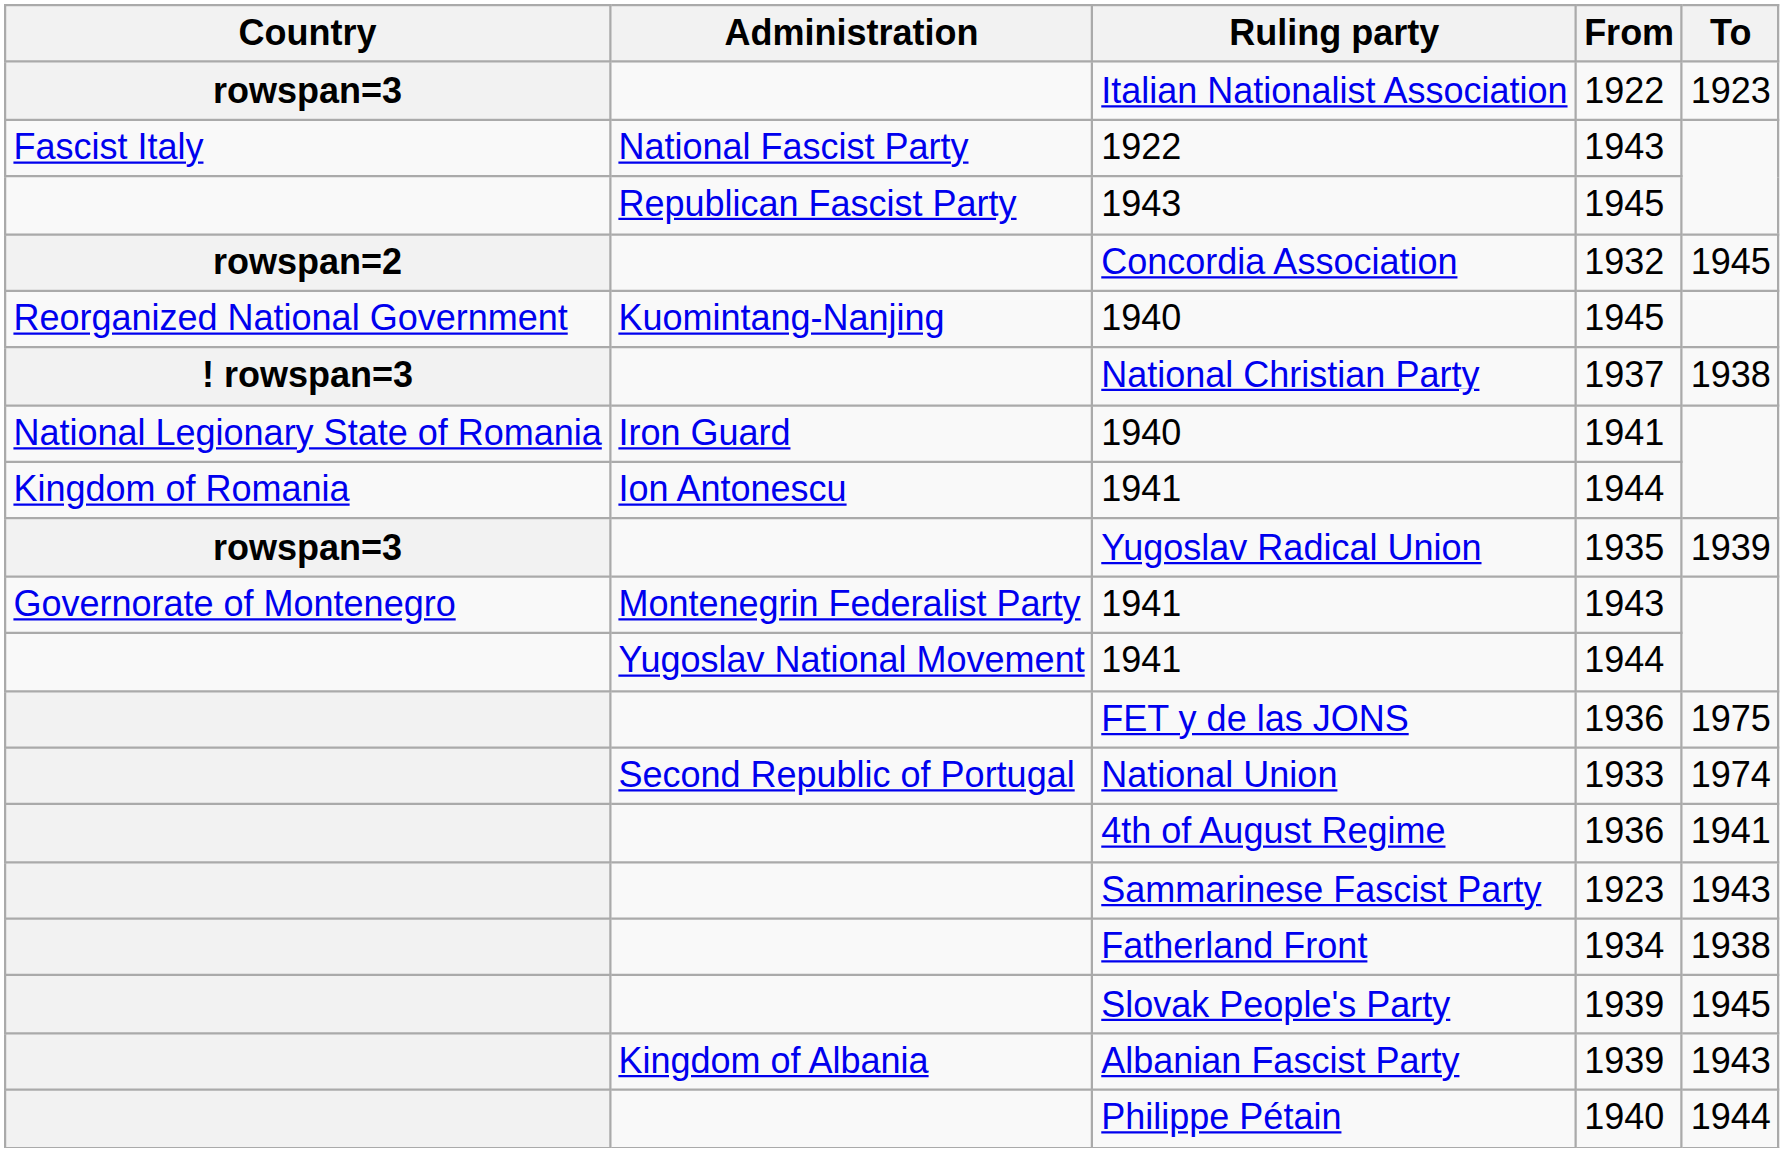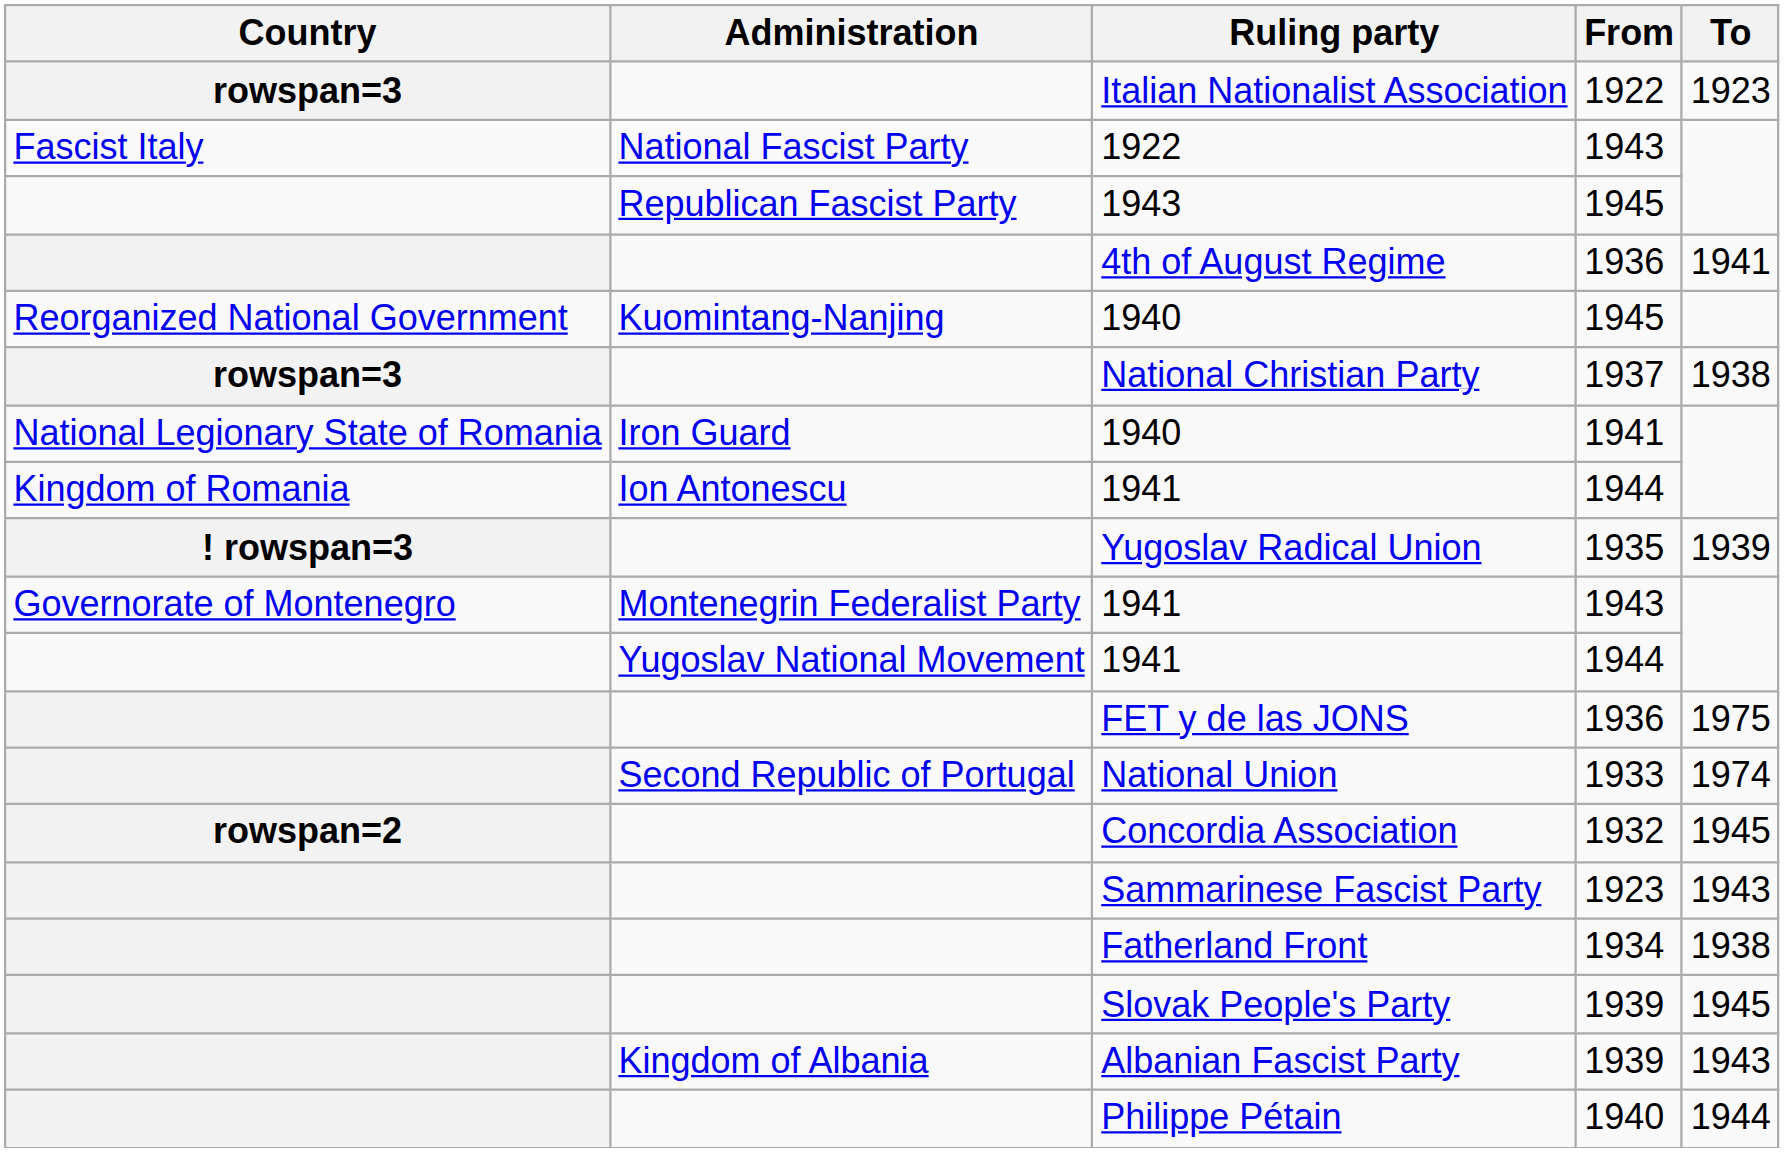 <table class="sortable plainrowheaders wikitable">
 <tr>
 <th>Country</th>
 <th>Administration</th>
 <th>Ruling party</th>
 <th>From</th>
 <th>To</th>
 </tr>
 <tr>
 <th>rowspan=3 </th>
 <td></td>
 <td> <a href='#'>Italian Nationalist Association</a></td>
 <td>1922</td>
 <td>1923</td>
 </tr>
 <tr>
 <td> <a href='#'>Fascist Italy</a></td>
 <td> <a href='#'>National Fascist Party</a></td>
 <td>1922</td>
 <td>1943</td>
 </tr>
 <tr>
 <td></td>
 <td> <a href='#'>Republican Fascist Party</a></td>
 <td>1943</td>
 <td>1945</td>
 </tr>
 <tr>
-<th>rowspan=2 </th>
+<th></th>
 <td></td>
-<td> <a href='#'>Concordia Association</a></td>
-<td>1932</td>
-<td>1945</td>
+<td> <a href='#'>4th of August Regime</a></td>
+<td>1936</td>
+<td>1941</td>
 </tr>
 <tr>
 <td> <a href='#'>Reorganized National Government</a></td>
 <td> <a href='#'>Kuomintang-Nanjing</a></td>
 <td>1940</td>
 <td>1945</td>
 </tr>
 <tr>
-<th>! rowspan=3 </th>
+<th>rowspan=3 </th>
 <td></td>
 <td> <a href='#'>National Christian Party</a></td>
 <td>1937</td>
 <td>1938</td>
 </tr>
 <tr>
 <td> <a href='#'>National Legionary State of Romania</a></td>
 <td> <a href='#'>Iron Guard</a></td>
 <td>1940</td>
 <td>1941</td>
 </tr>
 <tr>
 <td> <a href='#'>Kingdom of Romania</a></td>
 <td><a href='#'>Ion Antonescu</a></td>
 <td>1941</td>
 <td>1944</td>
 </tr>
 <tr>
-<th>rowspan=3 </th>
+<th>! rowspan=3 </th>
 <td></td>
 <td> <a href='#'>Yugoslav Radical Union</a></td>
 <td>1935</td>
 <td>1939</td>
 </tr>
 <tr>
 <td> <a href='#'>Governorate of Montenegro</a></td>
 <td> <a href='#'>Montenegrin Federalist Party</a></td>
 <td>1941</td>
 <td>1943</td>
 </tr>
 <tr>
 <td></td>
 <td> <a href='#'>Yugoslav National Movement</a></td>
 <td>1941</td>
 <td>1944</td>
 </tr>
 <tr>
 <th></th>
 <td></td>
 <td> <a href='#'>FET y de las JONS</a></td>
 <td>1936</td>
 <td>1975</td>
 </tr>
 <tr>
 <th></th>
 <td> <a href='#'>Second Republic of Portugal</a></td>
 <td> <a href='#'>National Union</a></td>
 <td>1933</td>
 <td>1974</td>
 </tr>
 <tr>
-<th></th>
+<th>rowspan=2 </th>
 <td></td>
-<td> <a href='#'>4th of August Regime</a></td>
-<td>1936</td>
-<td>1941</td>
+<td> <a href='#'>Concordia Association</a></td>
+<td>1932</td>
+<td>1945</td>
 </tr>
 <tr>
 <th></th>
 <td></td>
 <td> <a href='#'>Sammarinese Fascist Party</a></td>
 <td>1923</td>
 <td>1943</td>
 </tr>
 <tr>
 <th></th>
 <td></td>
 <td> <a href='#'>Fatherland Front</a></td>
 <td>1934</td>
 <td>1938</td>
 </tr>
 <tr>
 <th></th>
 <td></td>
 <td> <a href='#'>Slovak People's Party</a></td>
 <td>1939</td>
 <td>1945</td>
 </tr>
 <tr>
 <th></th>
 <td> <a href='#'>Kingdom of Albania</a></td>
 <td> <a href='#'>Albanian Fascist Party</a></td>
 <td>1939</td>
 <td>1943</td>
 </tr>
 <tr>
 <th></th>
 <td></td>
 <td><a href='#'>Philippe Pétain</a></td>
 <td>1940</td>
 <td>1944</td>
 </tr>
 </table>
